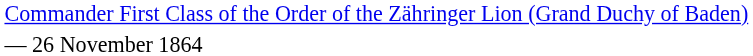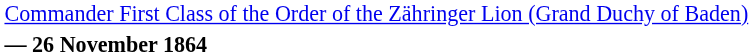 <table>
 <tr>
 <td rowspan=2 style="width:60px; vertical-align:top;"></td>
 <td><a href='#'>Commander First Class of the Order of the Zähringer Lion (Grand Duchy of Baden)</a></td>
 </tr>
 <tr>
-<td>— 26 November 1864</td>
+<td><strong>— 26 November 1864</strong></td>
 </tr>
 </table>
